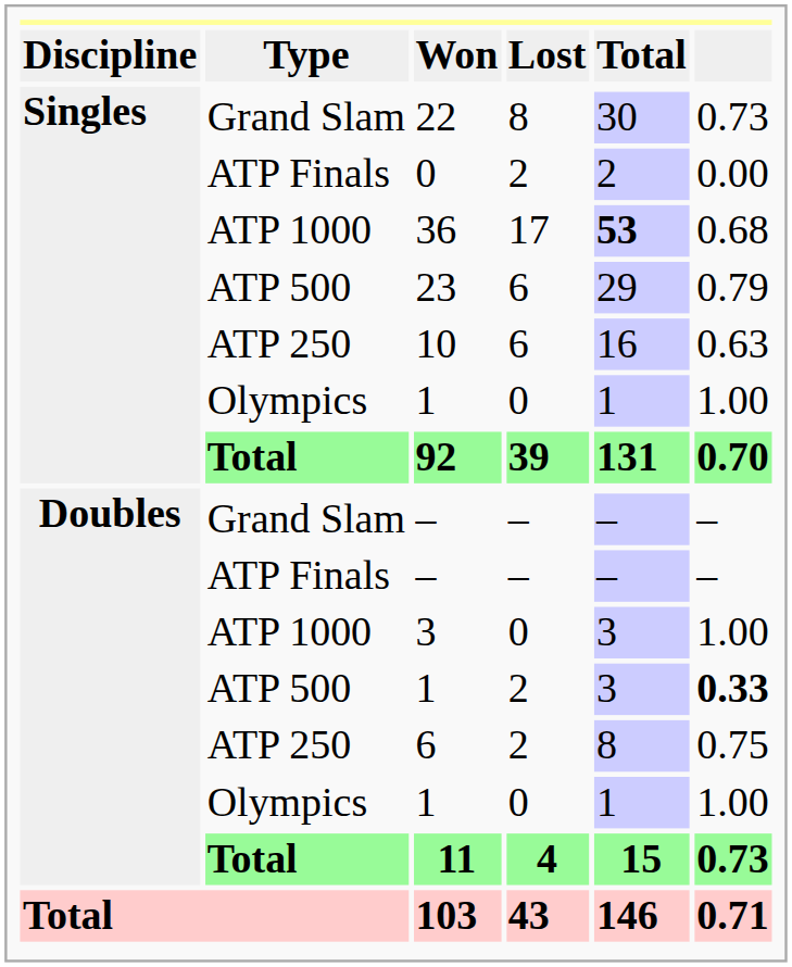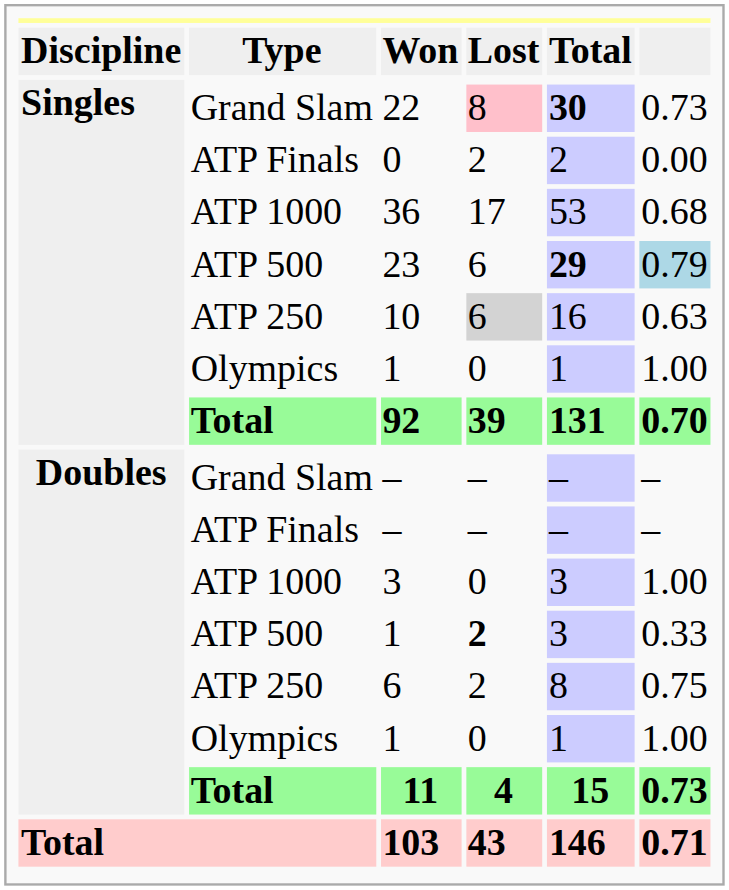 <table class="infobox vcard vevent nowrap">
 <tr bgcolor=FFFF99>
 <th colspan=6></th>
 </tr>
 <tr bgcolor=efefef>
 <th>Discipline</th>
 <th>Type</th>
 <th>Won</th>
 <th>Lost</th>
 <th>Total</th>
 <td><strong></strong></td>
 </tr>
 <tr bgcolor=efefef>
 <td rowspan="8"><strong>Singles</strong></td>
 </tr>
 <tr>
 <td>Grand Slam</td>
 <td>22</td>
-<td>8</td>
-<td style="background:#ccf;">30</td>
+<td style="background: pink;">8</td>
+<td style="background:#ccf;"><strong>30</strong></td>
 <td>0.73</td>
 </tr>
 <tr>
 <td>ATP Finals</td>
 <td>0</td>
 <td>2</td>
 <td style="background:#ccf; ">2</td>
 <td>0.00</td>
 </tr>
 <tr>
 <td>ATP 1000</td>
 <td>36</td>
 <td>17</td>
-<td style="background:#ccf; "><strong>53</strong></td>
+<td style="background:#ccf; ">53</td>
 <td>0.68</td>
 </tr>
 <tr>
 <td>ATP 500</td>
 <td>23</td>
 <td>6</td>
-<td style="background:#ccf; ">29</td>
-<td>0.79</td>
+<td style="background:#ccf; "><strong>29</strong></td>
+<td style="background: lightblue;">0.79</td>
 </tr>
 <tr>
 <td>ATP 250</td>
 <td>10</td>
-<td>6</td>
+<td style="background: lightgrey;">6</td>
 <td style="background:#ccf; ">16</td>
 <td>0.63</td>
 </tr>
 <tr>
 <td>Olympics</td>
 <td>1</td>
 <td>0</td>
 <td style="background:#ccf; ">1</td>
 <td>1.00</td>
 </tr>
 <tr bgcolor=98fb98>
 <td><strong>Total</strong></td>
 <td><strong>92</strong></td>
 <td><strong>39</strong></td>
 <td><strong>131</strong></td>
 <td><strong>0.70</strong></td>
 </tr>
 <tr bgcolor=efefef>
 <th rowspan="8">Doubles</th>
 </tr>
 <tr>
 <td>Grand Slam</td>
 <td>–</td>
 <td>–</td>
 <td style="background:#ccf;">–</td>
 <td>–</td>
 </tr>
 <tr>
 <td>ATP Finals</td>
 <td>–</td>
 <td>–</td>
 <td style="background:#ccf;">–</td>
 <td>–</td>
 </tr>
 <tr>
 <td>ATP 1000</td>
 <td>3</td>
 <td>0</td>
 <td style="background:#ccf;  ">3</td>
 <td>1.00</td>
 </tr>
 <tr>
 <td>ATP 500</td>
 <td>1</td>
-<td>2</td>
+<td><strong>2</strong></td>
 <td style="background:#ccf; ">3</td>
-<td><strong>0.33</strong></td>
+<td>0.33</td>
 </tr>
 <tr>
 <td>ATP 250</td>
 <td>6</td>
 <td>2</td>
 <td style="background:#ccf; ">8</td>
 <td>0.75</td>
 </tr>
 <tr>
 <td>Olympics</td>
 <td>1</td>
 <td>0</td>
 <td style="background:#ccf;  ">1</td>
 <td>1.00</td>
 </tr>
 <tr bgcolor=98fb98>
 <td><strong>Total</strong></td>
 <td align=center><strong>11</strong></td>
 <td align=center><strong>4</strong></td>
 <td align=center><strong>15</strong></td>
 <td><strong>0.73</strong></td>
 </tr>
 <tr bgcolor=FFCCCC>
 <td colspan=2><strong>Total</strong></td>
 <td><strong>103</strong></td>
 <td><strong>43</strong></td>
 <td><strong>146</strong></td>
 <td><strong>0.71</strong></td>
 </tr>
 <tr>
 </tr>
 </table>
